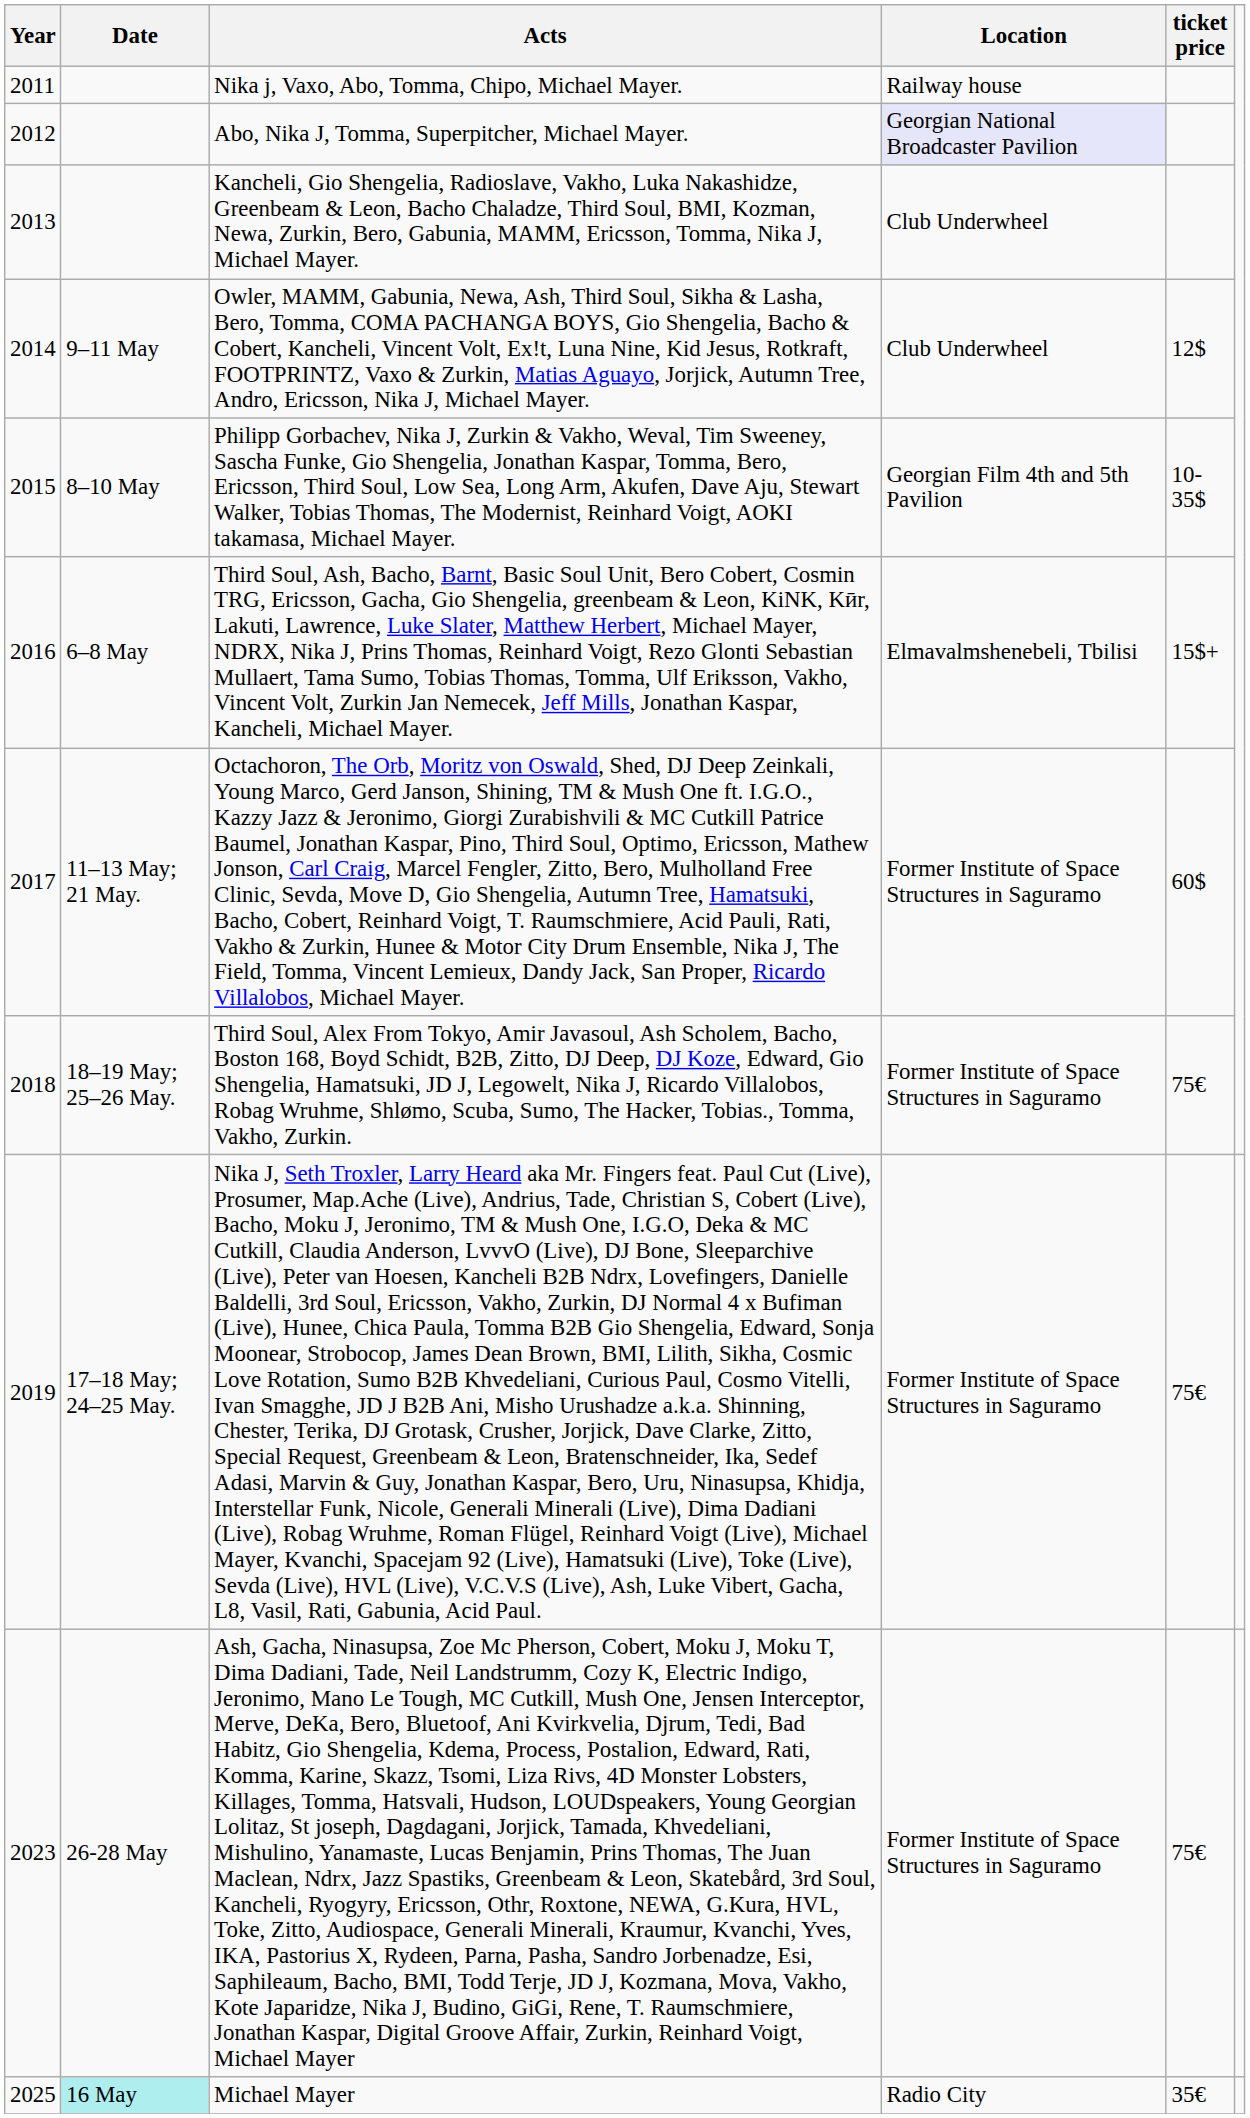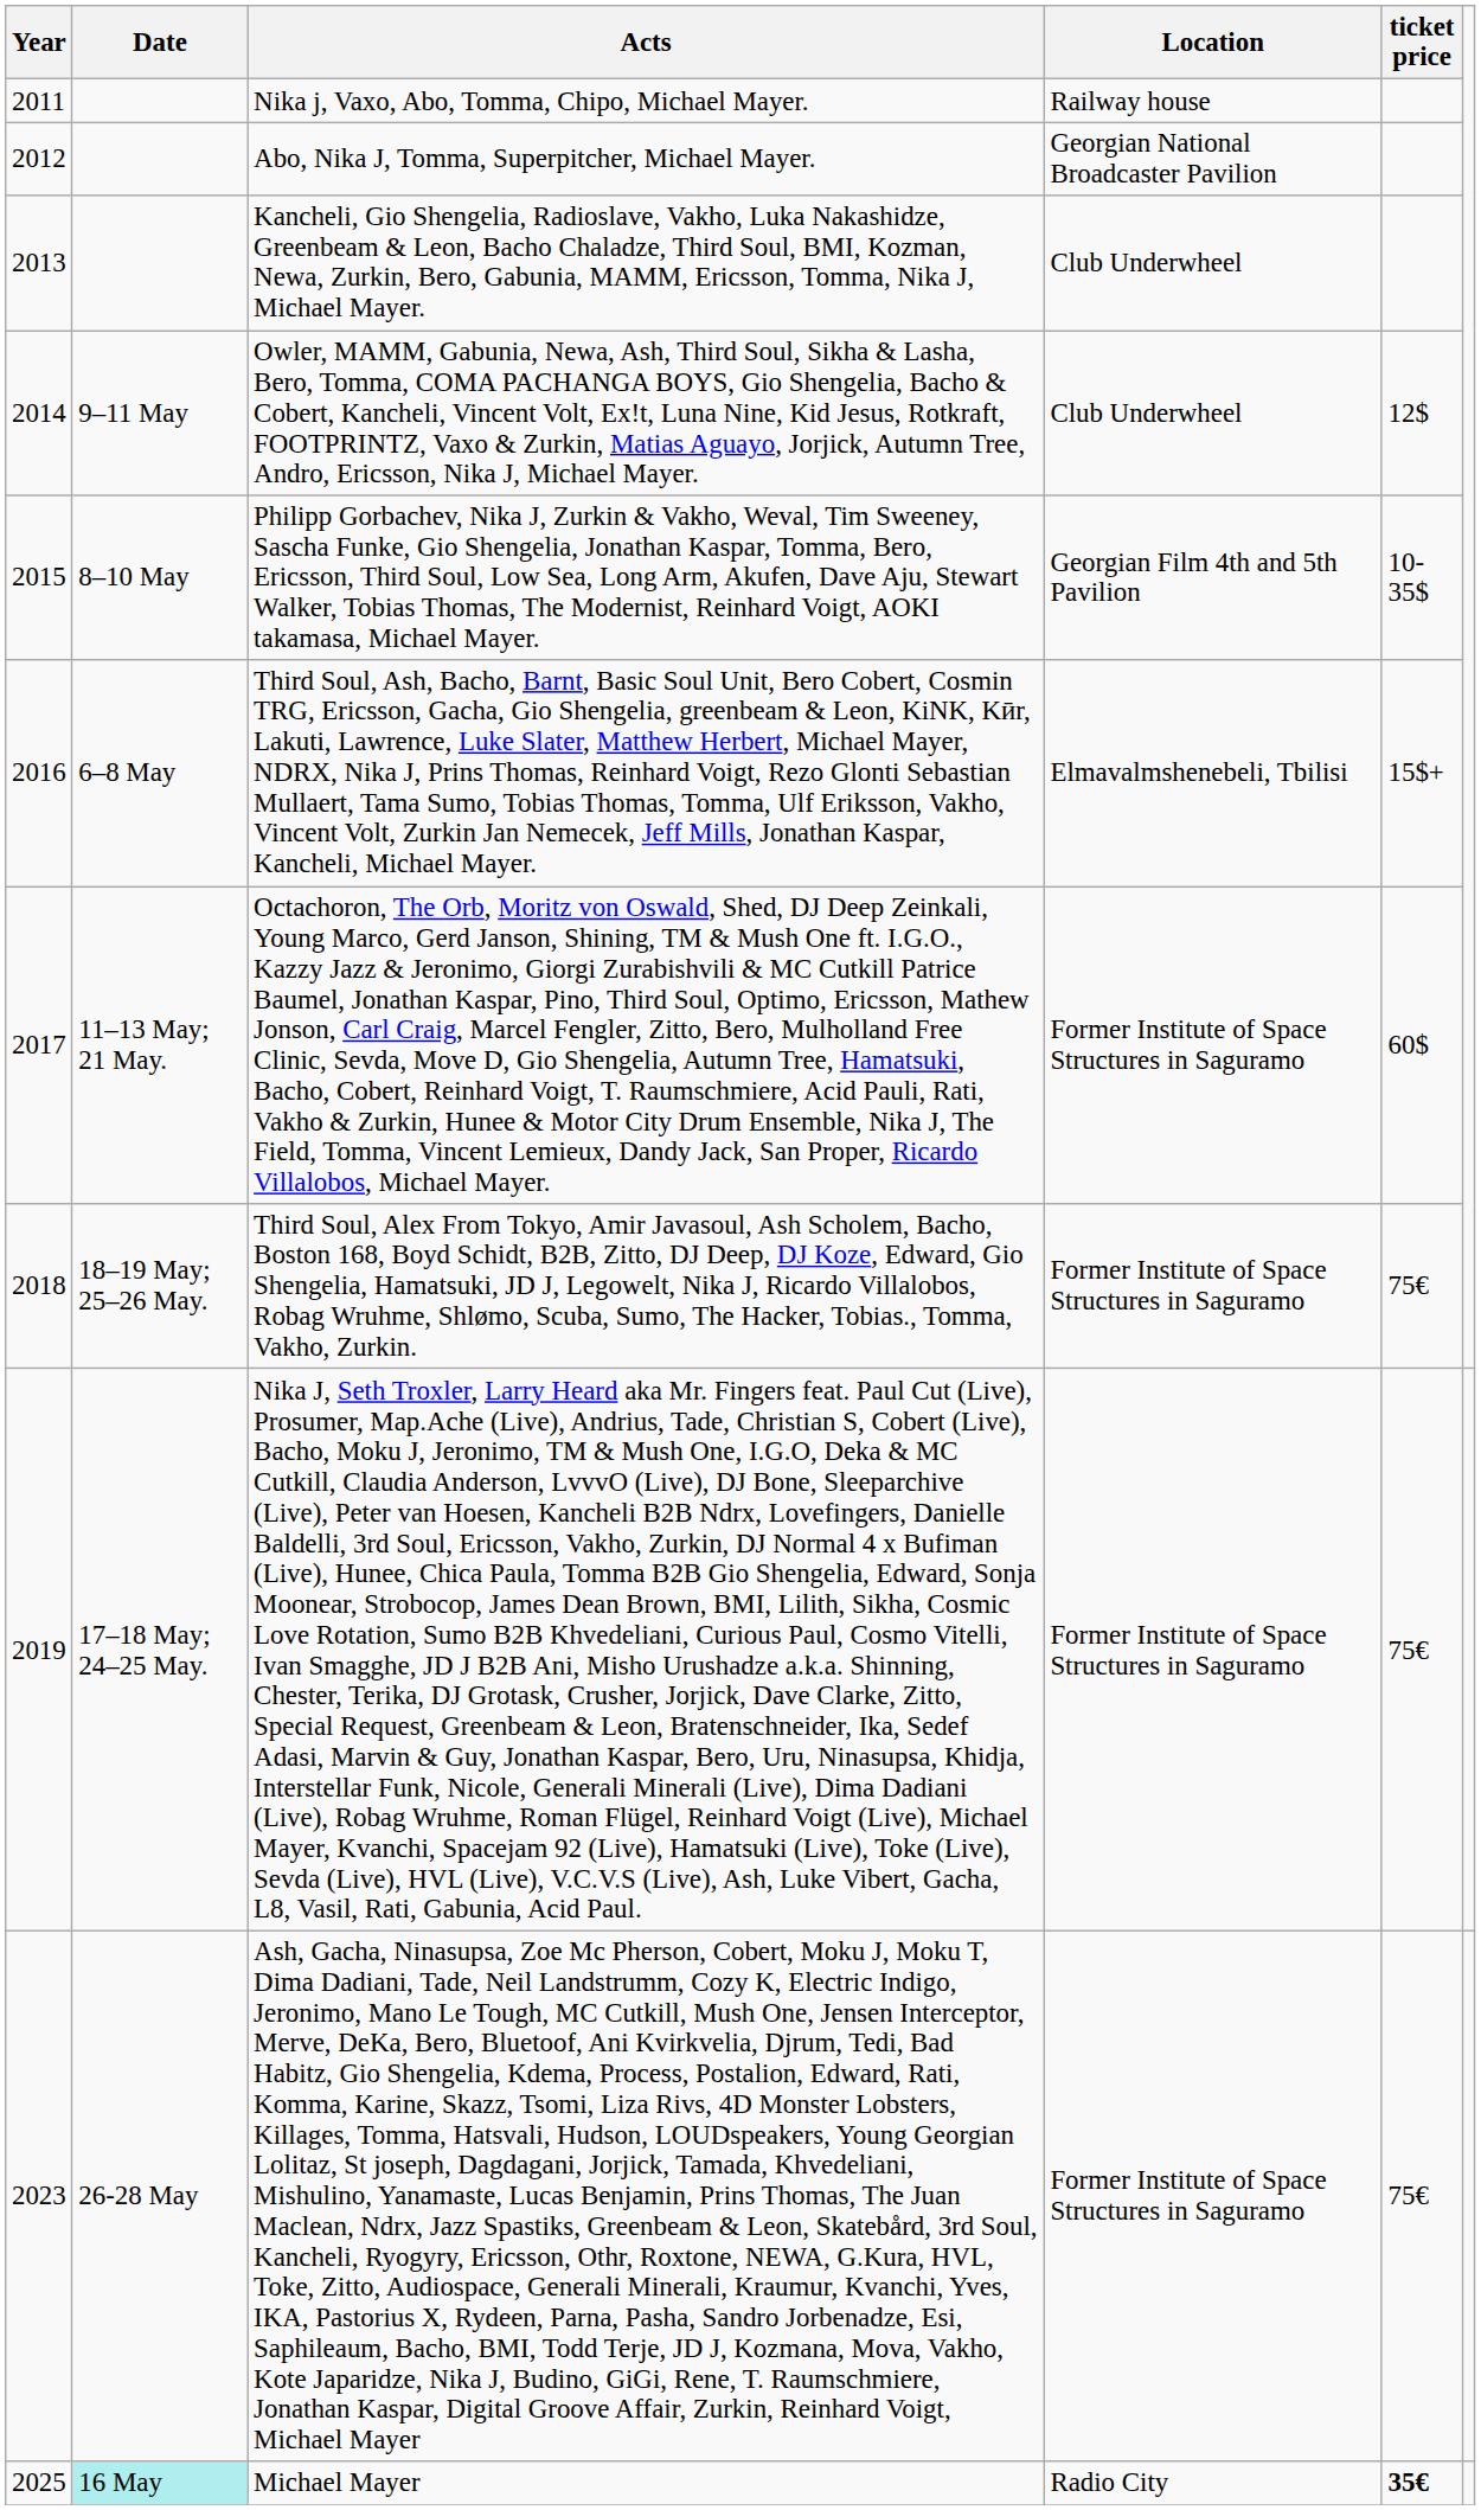 <table class="wikitable sortable">
 <tr>
 <th>Year</th>
 <th class="unsortable" style="width:6em">Date</th>
 <th class="unsortable">Acts</th>
 <th class="unsortable" style="width:12em">Location</th>
 <th class="unsortable">ticket price</th>
 </tr>
 <tr>
 <td>2011</td>
 <td></td>
 <td>Nika j, Vaxo, Abo, Tomma, Chipo, Michael Mayer.</td>
 <td>Railway house</td>
 <td></td>
 </tr>
 <tr>
 <td>2012</td>
 <td></td>
 <td>Abo, Nika J, Tomma, Superpitcher, Michael Mayer.</td>
-<td style="background: lavender;">Georgian National Broadcaster Pavilion</td>
+<td>Georgian National Broadcaster Pavilion</td>
 <td></td>
 </tr>
 <tr>
 <td>2013</td>
 <td></td>
 <td>Kancheli, Gio Shengelia, Radioslave, Vakho, Luka Nakashidze, Greenbeam & Leon, Bacho Chaladze, Third Soul, BMI, Kozman, Newa, Zurkin, Bero, Gabunia, MAMM, Ericsson, Tomma, Nika J, Michael Mayer.</td>
 <td>Club Underwheel</td>
 <td></td>
 </tr>
 <tr>
 <td>2014</td>
 <td>9–11 May</td>
 <td>Owler, MAMM, Gabunia, Newa, Ash, Third Soul, Sikha & Lasha, Bero, Tomma, COMA PACHANGA BOYS, Gio Shengelia, Bacho & Cobert, Kancheli, Vincent Volt, Ex!t, Luna Nine, Kid Jesus, Rotkraft, FOOTPRINTZ, Vaxo & Zurkin, <a href='#'>Matias Aguayo</a>, Jorjick, Autumn Tree, Andro, Ericsson, Nika J, Michael Mayer.</td>
 <td>Club Underwheel</td>
 <td>12$</td>
 </tr>
 <tr>
 <td>2015</td>
 <td>8–10 May</td>
 <td>Philipp Gorbachev, Nika J, Zurkin & Vakho, Weval, Tim Sweeney, Sascha Funke, Gio Shengelia, Jonathan Kaspar, Tomma, Bero, Ericsson, Third Soul, Low Sea, Long Arm, Akufen, Dave Aju, Stewart Walker, Tobias Thomas, The Modernist, Reinhard Voigt, AOKI takamasa, Michael Mayer.</td>
 <td>Georgian Film 4th and 5th Pavilion</td>
 <td>10-35$</td>
 </tr>
 <tr>
 <td>2016</td>
 <td>6–8 May</td>
 <td>Third Soul, Ash, Bacho, <a href='#'>Barnt</a>, Basic Soul Unit, Bero Cobert, Cosmin TRG, Ericsson, Gacha, Gio Shengelia, greenbeam & Leon, KiNK, Kӣr, Lakuti, Lawrence, <a href='#'>Luke Slater</a>, <a href='#'>Matthew Herbert</a>, Michael Mayer, NDRX, Nika J, Prins Thomas, Reinhard Voigt, Rezo Glonti Sebastian Mullaert, Tama Sumo, Tobias Thomas, Tomma, Ulf Eriksson, Vakho, Vincent Volt, Zurkin Jan Nemecek, <a href='#'>Jeff Mills</a>, Jonathan Kaspar, Kancheli, Michael Mayer.</td>
 <td>Elmavalmshenebeli, Tbilisi</td>
 <td>15$+</td>
 </tr>
 <tr>
 <td>2017</td>
 <td>11–13 May; 21 May.</td>
 <td>Octachoron, <a href='#'>The Orb</a>, <a href='#'>Moritz von Oswald</a>, Shed, DJ Deep Zeinkali, Young Marco, Gerd Janson, Shining, TM & Mush One ft. I.G.O., Kazzy Jazz & Jeronimo, Giorgi Zurabishvili & MC Cutkill Patrice Baumel, Jonathan Kaspar, Pino, Third Soul, Optimo, Ericsson, Mathew Jonson, <a href='#'>Carl Craig</a>, Marcel Fengler, Zitto, Bero, Mulholland Free Clinic, Sevda, Move D, Gio Shengelia, Autumn Tree, <a href='#'>Hamatsuki</a>, Bacho, Cobert, Reinhard Voigt, T. Raumschmiere, Acid Pauli, Rati, Vakho & Zurkin, Hunee & Motor City Drum Ensemble, Nika J, The Field, Tomma, Vincent Lemieux, Dandy Jack, San Proper, <a href='#'>Ricardo Villalobos</a>, Michael Mayer.</td>
 <td>Former Institute of Space Structures in Saguramo</td>
 <td>60$</td>
 </tr>
 <tr>
 <td>2018</td>
 <td>18–19 May; 25–26 May.</td>
 <td>Third Soul, Alex From Tokyo, Amir Javasoul, Ash Scholem, Bacho, Boston 168, Boyd Schidt, B2B, Zitto, DJ Deep, <a href='#'>DJ Koze</a>, Edward, Gio Shengelia, Hamatsuki, JD J, Legowelt, Nika J, Ricardo Villalobos, Robag Wruhme, Shlømo, Scuba, Sumo, The Hacker, Tobias., Tomma, Vakho, Zurkin.</td>
 <td>Former Institute of Space Structures in Saguramo</td>
 <td>75€</td>
 </tr>
 <tr>
 <td>2019</td>
 <td>17–18 May; 24–25 May.</td>
 <td>Nika J, <a href='#'>Seth Troxler</a>, <a href='#'>Larry Heard</a> aka Mr. Fingers feat. Paul Cut (Live), Prosumer, Map.Ache (Live), Andrius, Tade, Christian S, Cobert (Live), Bacho, Moku J, Jeronimo, TM & Mush One, I.G.O, Deka & MC Cutkill, Claudia Anderson, LvvvO (Live), DJ Bone, Sleeparchive (Live), Peter van Hoesen, Kancheli B2B Ndrx, Lovefingers, Danielle Baldelli, 3rd Soul, Ericsson, Vakho, Zurkin, DJ Normal 4 x Bufiman (Live), Hunee, Chica Paula, Tomma B2B Gio Shengelia, Edward, Sonja Moonear, Strobocop, James Dean Brown, BMI, Lilith, Sikha, Cosmic Love Rotation, Sumo B2B Khvedeliani, Curious Paul, Cosmo Vitelli, Ivan Smagghe, JD J B2B Ani, Misho Urushadze a.k.a. Shinning, Chester, Terika, DJ Grotask, Crusher, Jorjick, Dave Clarke, Zitto, Special Request, Greenbeam & Leon, Bratenschneider, Ika, Sedef Adasi, Marvin & Guy, Jonathan Kaspar, Bero, Uru, Ninasupsa, Khidja, Interstellar Funk, Nicole, Generali Minerali (Live), Dima Dadiani (Live), Robag Wruhme, Roman Flügel, Reinhard Voigt (Live), Michael Mayer, Kvanchi, Spacejam 92 (Live), Hamatsuki (Live), Toke (Live), Sevda (Live), HVL (Live), V.C.V.S (Live), Ash, Luke Vibert, Gacha, L8, Vasil, Rati, Gabunia, Acid Paul.</td>
 <td>Former Institute of Space Structures in Saguramo</td>
 <td>75€</td>
 <td></td>
 </tr>
 <tr>
 <td>2023</td>
 <td>26-28 May</td>
 <td>Ash, Gacha, Ninasupsa, Zoe Mc Pherson, Cobert, Moku J, Moku T, Dima Dadiani, Tade, Neil Landstrumm, Cozy K, Electric Indigo, Jeronimo, Mano Le Tough, MC Cutkill, Mush One, Jensen Interceptor, Merve, DeKa, Bero, Bluetoof, Ani Kvirkvelia, Djrum, Tedi, Bad Habitz, Gio Shengelia, Kdema, Process, Postalion, Edward, Rati, Komma, Karine, Skazz, Tsomi, Liza Rivs, 4D Monster Lobsters, Killages, Tomma, Hatsvali, Hudson, LOUDspeakers, Young Georgian Lolitaz, St joseph, Dagdagani, Jorjick, Tamada, Khvedeliani, Mishulino, Yanamaste, Lucas Benjamin, Prins Thomas, The Juan Maclean, Ndrx, Jazz Spastiks, Greenbeam & Leon, Skatebård, 3rd Soul, Kancheli, Ryogyry, Ericsson, Othr, Roxtone, NEWA, G.Kura, HVL, Toke, Zitto, Audiospace, Generali Minerali, Kraumur, Kvanchi, Yves, IKA, Pastorius X, Rydeen, Parna, Pasha, Sandro Jorbenadze, Esi, Saphileaum, Bacho, BMI, Todd Terje, JD J, Kozmana, Mova, Vakho, Kote Japaridze, Nika J, Budino, GiGi, Rene, T. Raumschmiere, Jonathan Kaspar, Digital Groove Affair, Zurkin, Reinhard Voigt, Michael Mayer</td>
 <td>Former Institute of Space Structures in Saguramo</td>
 <td>75€</td>
 <td></td>
 </tr>
 <tr>
 <td>2025</td>
 <td style="background: paleturquoise;">16 May</td>
 <td>Michael Mayer</td>
 <td>Radio City</td>
-<td>35€</td>
+<td><strong>35€</strong></td>
 <td></td>
 </tr>
 </table>
